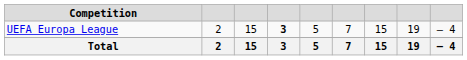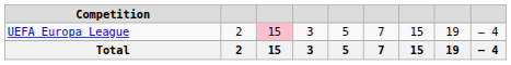 <table class="wikitable" style="text-align: center;">
 <tr>
 <th width="244" style="background:#DCDCDC">Competition</th>
 <th width="35" style="background:#DCDCDC"></th>
 <th width="35" style="background:#DCDCDC"></th>
 <th width="35" style="background:#DCDCDC"></th>
 <th width="35" style="background:#DCDCDC"></th>
 <th width="35" style="background:#DCDCDC"></th>
 <th width="35" style="background:#DCDCDC"></th>
 <th width="35" style="background:#DCDCDC"></th>
 <th width="35" style="background:#DCDCDC"></th>
 </tr>
 <tr>
 <td align=left><a href='#'>UEFA Europa League</a></td>
 <td>2</td>
-<td>15</td>
-<td><strong>3</strong></td>
+<td style="background: pink;">15</td>
+<td>3</td>
 <td>5</td>
 <td>7</td>
 <td>15</td>
 <td>19</td>
 <td>– 4</td>
 </tr>
 <tr>
 </tr>
 <tr class="sortbottom">
 <th>Total</th>
 <th>2</th>
 <th>15</th>
 <th>3</th>
 <th>5</th>
 <th>7</th>
 <th>15</th>
 <th>19</th>
 <th>– 4</th>
 </tr>
 </table>
